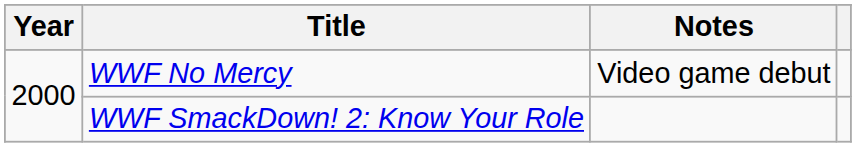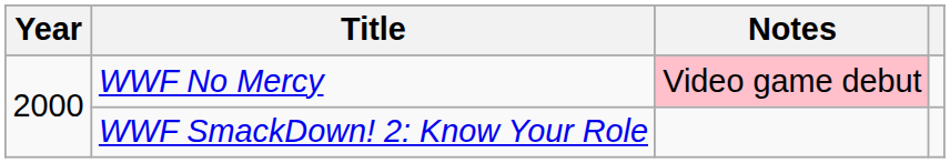 <table class="wikitable">
 <tr>
 <th>Year</th>
 <th>Title</th>
 <th>Notes</th>
 <th></th>
 </tr>
 <tr>
 <td rowspan="2">2000</td>
 <td><em><a href='#'>WWF No Mercy</a></em></td>
-<td>Video game debut</td>
+<td style="background: pink;">Video game debut</td>
 <td></td>
 </tr>
 <tr>
 <td><em><a href='#'>WWF SmackDown! 2: Know Your Role</a></em></td>
 <td></td>
 <td></td>
 </tr>
 </table>
